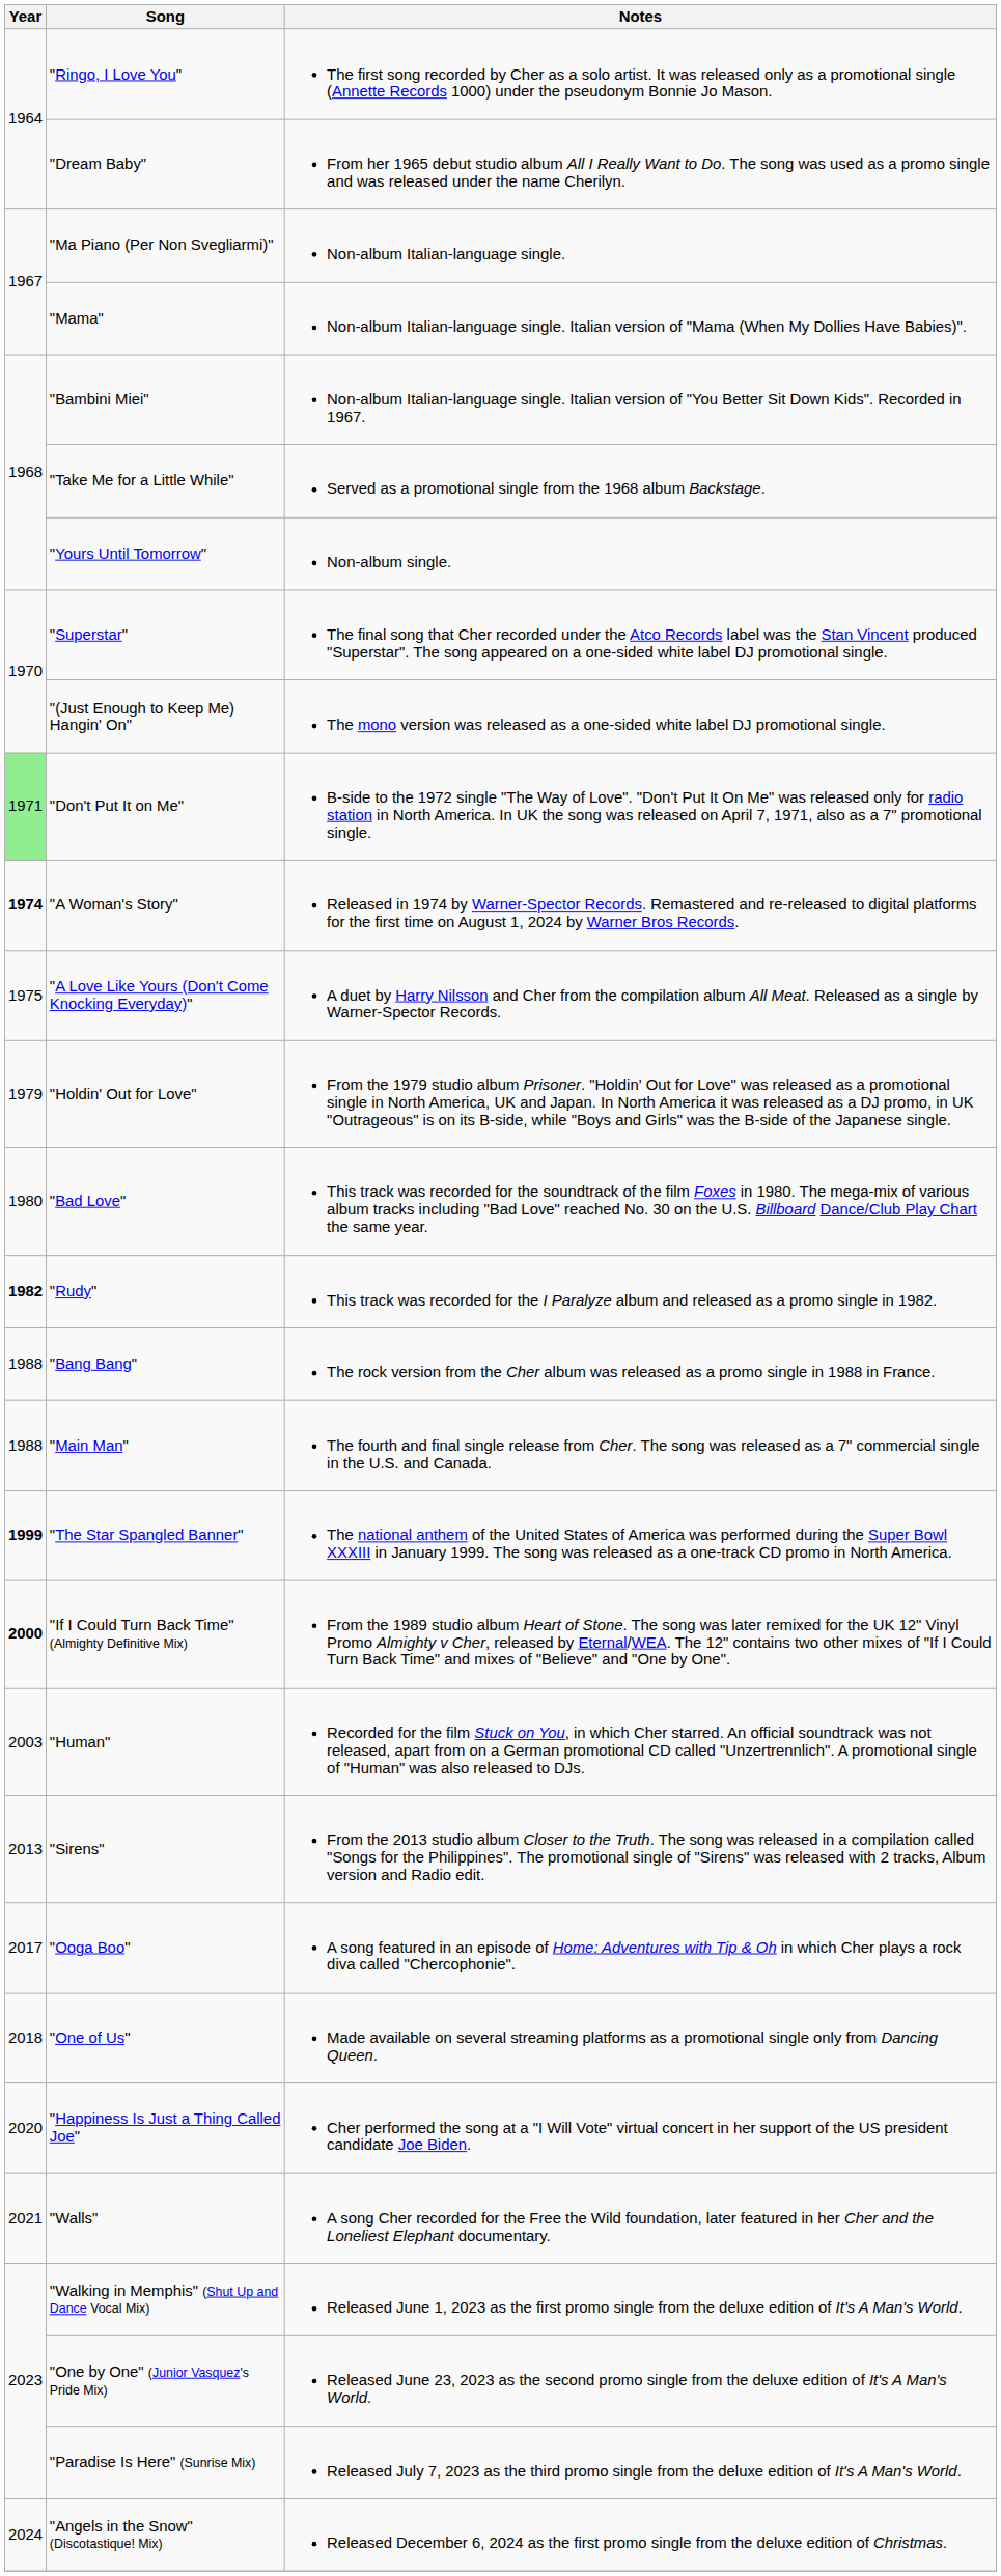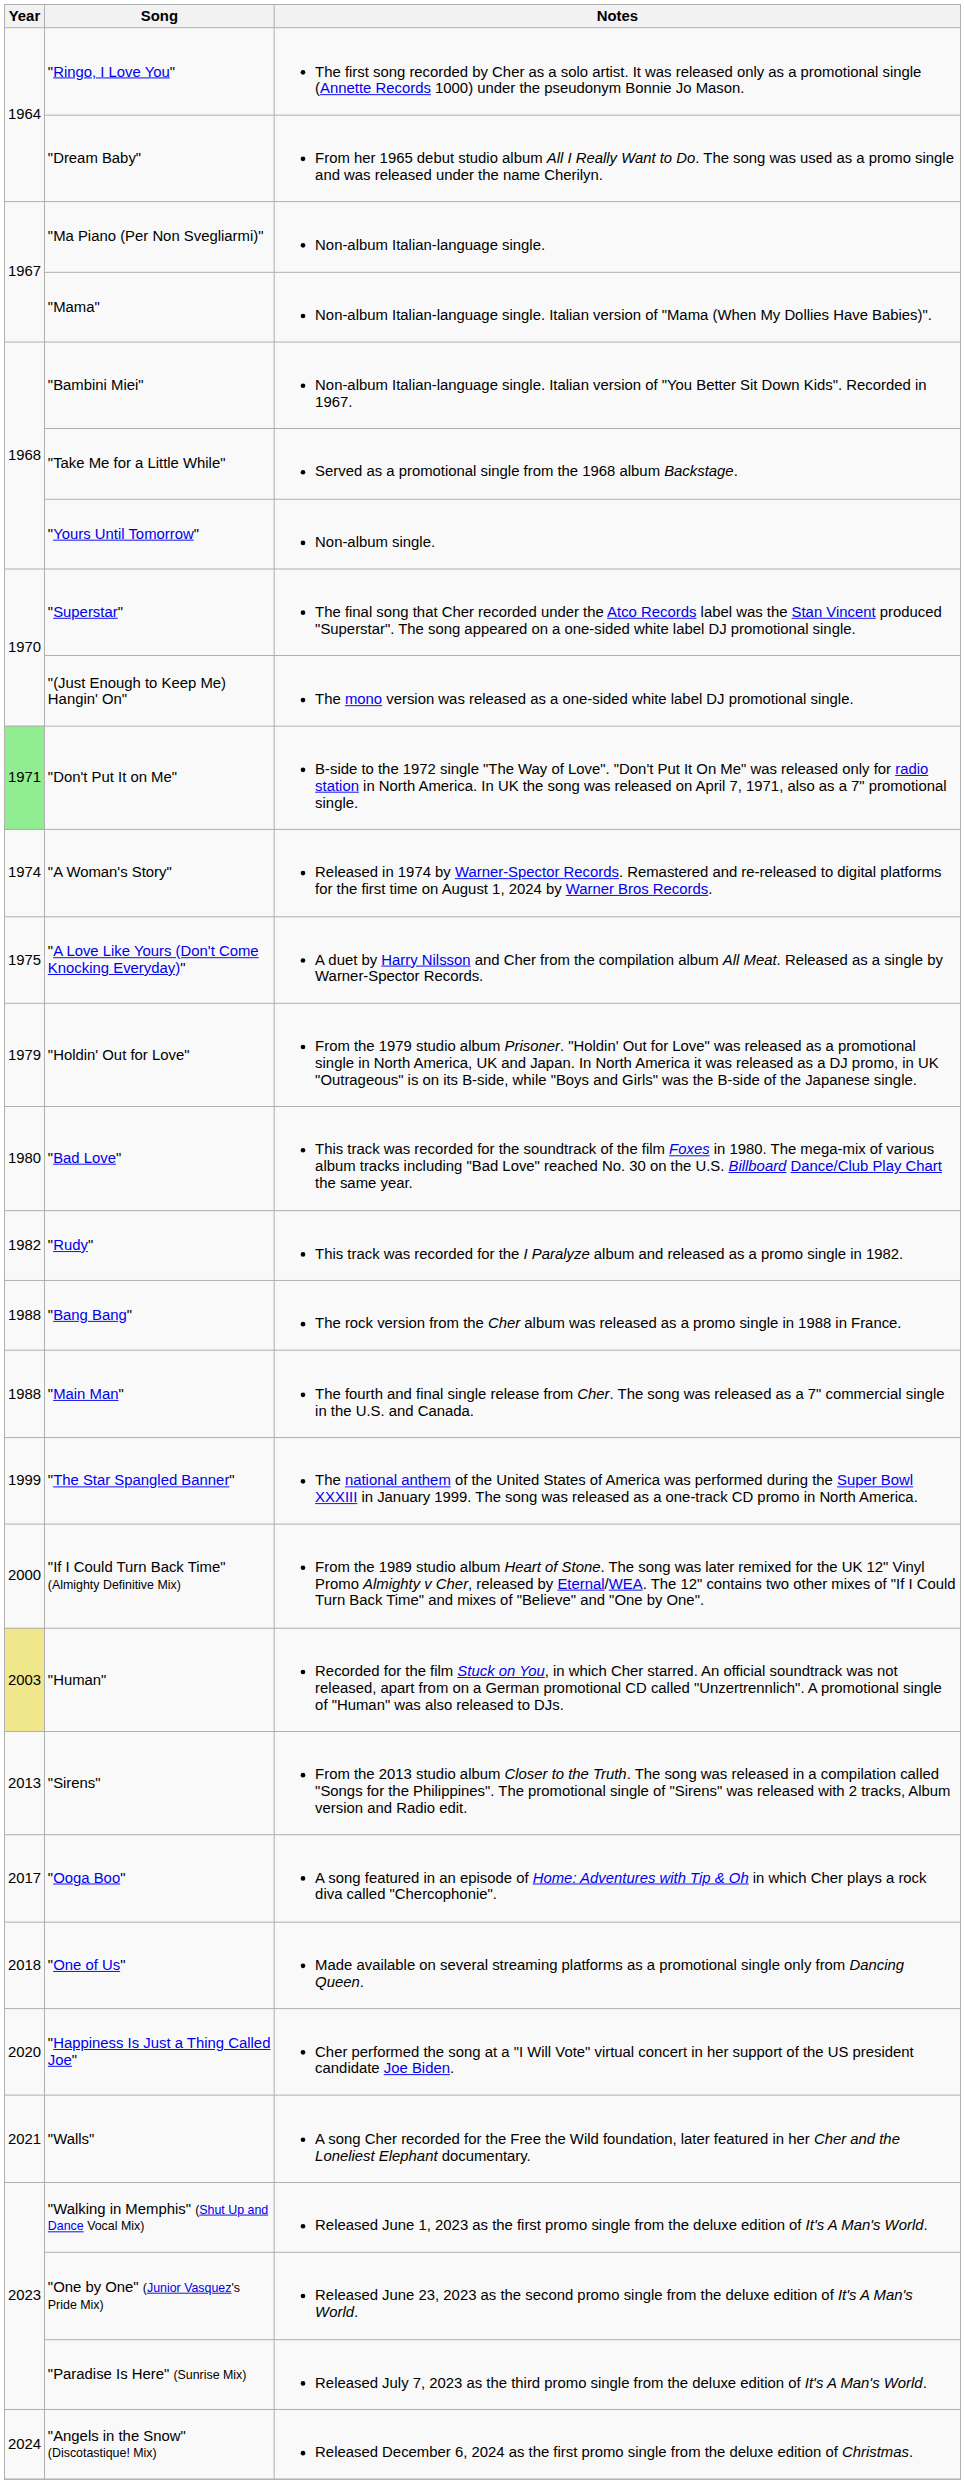 <table class="wikitable" >
 <tr>
 <th width="30">Year</th>
 <th width="240">Song</th>
 <th width="730">Notes</th>
 </tr>
 <tr>
 <td rowspan="2">1964</td>
 <td>"<a href='#'>Ringo, I Love You</a>"</td>
 <td><br><ul><li>The first song recorded by Cher as a solo artist. It was released only as a promotional single (<a href='#'>Annette Records</a> 1000) under the pseudonym Bonnie Jo Mason.</li></ul></td>
 </tr>
 <tr>
 <td>"Dream Baby"</td>
 <td><br><ul><li>From her 1965 debut studio album <em>All I Really Want to Do</em>. The song was used as a promo single and was released under the name Cherilyn.</li></ul></td>
 </tr>
 <tr>
 <td rowspan="2">1967</td>
 <td>"Ma Piano (Per Non Svegliarmi)"</td>
 <td><br><ul><li>Non-album Italian-language single.</li></ul></td>
 </tr>
 <tr>
 <td>"Mama"</td>
 <td><br><ul><li>Non-album Italian-language single.  Italian version of "Mama (When My Dollies Have Babies)".</li></ul></td>
 </tr>
 <tr>
 <td rowspan="3">1968</td>
 <td>"Bambini Miei"</td>
 <td><br><ul><li>Non-album Italian-language single. Italian version of "You Better Sit Down Kids". Recorded in 1967.</li></ul></td>
 </tr>
 <tr>
 <td>"Take Me for a Little While"</td>
 <td><br><ul><li>Served as a promotional single from the 1968 album <em>Backstage</em>.</li></ul></td>
 </tr>
 <tr>
 <td>"<a href='#'>Yours Until Tomorrow</a>"</td>
 <td><br><ul><li>Non-album single.</li></ul></td>
 </tr>
 <tr>
 <td rowspan="2">1970</td>
 <td>"<a href='#'>Superstar</a>"</td>
 <td><br><ul><li>The final song that Cher recorded under the <a href='#'>Atco Records</a> label was the <a href='#'>Stan Vincent</a> produced "Superstar". The song appeared on a one-sided white label DJ promotional single.</li></ul></td>
 </tr>
 <tr>
 <td>"(Just Enough to Keep Me) Hangin' On"</td>
 <td><br><ul><li>The <a href='#'>mono</a> version was released as a one-sided white label DJ promotional single.</li></ul></td>
 </tr>
 <tr>
 <td style="background: lightgreen;">1971</td>
 <td>"Don't Put It on Me"</td>
 <td><br><ul><li>B-side to the 1972 single "The Way of Love". "Don't Put It On Me" was released only for <a href='#'>radio station</a> in North America. In UK the song was released on April 7, 1971, also as a 7" promotional single.</li></ul></td>
 </tr>
 <tr>
-<td><strong>1974</strong></td>
+<td>1974</td>
 <td>"A Woman's Story"</td>
 <td><br><ul><li>Released in 1974 by <a href='#'>Warner-Spector Records</a>. Remastered and re-released to digital platforms for the first time on August 1, 2024 by <a href='#'>Warner Bros Records</a>.</li></ul></td>
 </tr>
 <tr>
 <td>1975</td>
 <td>"<a href='#'>A Love Like Yours (Don't Come Knocking Everyday)</a>"</td>
 <td><br><ul><li>A duet by <a href='#'>Harry Nilsson</a> and Cher from the compilation album <em>All Meat</em>. Released as a single by Warner-Spector Records.</li></ul></td>
 </tr>
 <tr>
 <td>1979</td>
 <td>"Holdin' Out for Love"</td>
 <td><br><ul><li>From the 1979 studio album <em>Prisoner</em>. "Holdin' Out for Love" was released as a promotional single in North America, UK and Japan. In North America it was released as a DJ promo, in UK "Outrageous" is on its B-side, while "Boys and Girls" was the B-side of the Japanese single.</li></ul></td>
 </tr>
 <tr>
 <td>1980</td>
 <td>"<a href='#'>Bad Love</a>"</td>
 <td><br><ul><li>This track was recorded for the soundtrack of the film <em><a href='#'>Foxes</a></em> in 1980. The mega-mix of various album tracks including "Bad Love" reached No. 30 on the U.S. <em><a href='#'>Billboard</a></em> <a href='#'>Dance/Club Play Chart</a> the same year.</li></ul></td>
 </tr>
 <tr>
-<td><strong>1982</strong></td>
+<td>1982</td>
 <td>"<a href='#'>Rudy</a>"</td>
 <td><br><ul><li>This track was recorded for the <em>I Paralyze</em> album and released as a promo single in 1982.</li></ul></td>
 </tr>
 <tr>
 <td>1988</td>
 <td>"<a href='#'>Bang Bang</a>"</td>
 <td><br><ul><li>The rock version from the <em>Cher</em> album was released as a promo single in 1988 in France.</li></ul></td>
 </tr>
 <tr>
 <td>1988</td>
 <td>"<a href='#'>Main Man</a>"</td>
 <td><br><ul><li>The fourth and final single release from <em>Cher</em>. The song was released  as a 7" commercial single in the U.S. and Canada.</li></ul></td>
 </tr>
 <tr>
-<td><strong>1999</strong></td>
+<td>1999</td>
 <td>"<a href='#'>The Star Spangled Banner</a>"</td>
 <td><br><ul><li>The <a href='#'>national anthem</a> of the United States of America was performed during the <a href='#'>Super Bowl XXXIII</a> in January 1999. The song was released as a one-track CD promo in North America.</li></ul></td>
 </tr>
 <tr>
-<td><strong>2000</strong></td>
+<td>2000</td>
 <td>"If I Could Turn Back Time" <small>(Almighty Definitive Mix)</small></td>
 <td><br><ul><li>From the 1989 studio album <em>Heart of Stone</em>. The song was later remixed for the UK 12" Vinyl Promo <em>Almighty v Cher</em>, released by <a href='#'>Eternal</a>/<a href='#'>WEA</a>. The 12" contains two other mixes of "If I Could Turn Back Time" and mixes of "Believe" and "One by One".</li></ul></td>
 </tr>
 <tr>
-<td>2003</td>
+<td style="background: khaki;">2003</td>
 <td>"Human"</td>
 <td><br><ul><li>Recorded for the film <em><a href='#'>Stuck on You</a></em>, in which Cher starred. An official soundtrack was not released, apart from on a German promotional CD called "Unzertrennlich". A promotional single of "Human" was also released to DJs.</li></ul></td>
 </tr>
 <tr>
 <td>2013</td>
 <td>"Sirens"</td>
 <td><br><ul><li>From the 2013 studio album <em>Closer to the Truth</em>. The song was released in a compilation called "Songs for the Philippines". The promotional single of "Sirens" was released with 2 tracks, Album version and Radio edit.</li></ul></td>
 </tr>
 <tr>
 <td>2017</td>
 <td>"<a href='#'>Ooga Boo</a>"</td>
 <td><br><ul><li>A song featured in an episode of <em><a href='#'>Home: Adventures with Tip & Oh</a></em> in which Cher plays a rock diva called "Chercophonie".</li></ul></td>
 </tr>
 <tr>
 <td>2018</td>
 <td>"<a href='#'>One of Us</a>"</td>
 <td><br><ul><li>Made available on several streaming platforms as a promotional single only from <em>Dancing Queen</em>.</li></ul></td>
 </tr>
 <tr>
 <td>2020</td>
 <td>"<a href='#'>Happiness Is Just a Thing Called Joe</a>"</td>
 <td><br><ul><li>Cher performed the song at a "I Will Vote" virtual concert in her support of the US president candidate <a href='#'>Joe Biden</a>.</li></ul></td>
 </tr>
 <tr>
 <td>2021</td>
 <td>"Walls"</td>
 <td><br><ul><li>A song Cher recorded for the Free the Wild foundation, later featured in her <em>Cher and the Loneliest Elephant</em> documentary.</li></ul></td>
 </tr>
 <tr>
 <td rowspan="3">2023</td>
 <td>"Walking in Memphis" <small>(<a href='#'>Shut Up and Dance</a> Vocal Mix)</small></td>
 <td><br><ul><li>Released June 1, 2023 as the first promo single from the deluxe edition of <em>It's A Man's World</em>.</li></ul></td>
 </tr>
 <tr>
 <td>"One by One" <small>(<a href='#'>Junior Vasquez</a>'s Pride Mix)</small></td>
 <td><br><ul><li>Released June 23, 2023 as the second promo single from the deluxe edition of <em>It's A Man's World</em>.</li></ul></td>
 </tr>
 <tr>
 <td>"Paradise Is Here" <small>(Sunrise Mix)</small></td>
 <td><br><ul><li>Released July 7, 2023 as the third promo single from the deluxe edition of <em>It's A Man's World</em>.</li></ul></td>
 </tr>
 <tr>
 <td>2024</td>
 <td>"Angels in the Snow" <small>(Discotastique! Mix)</small></td>
 <td><br><ul><li>Released December 6, 2024 as the first promo single from the deluxe edition of <em>Christmas</em>.</li></ul></td>
 </tr>
 <tr>
 </tr>
 </table>
